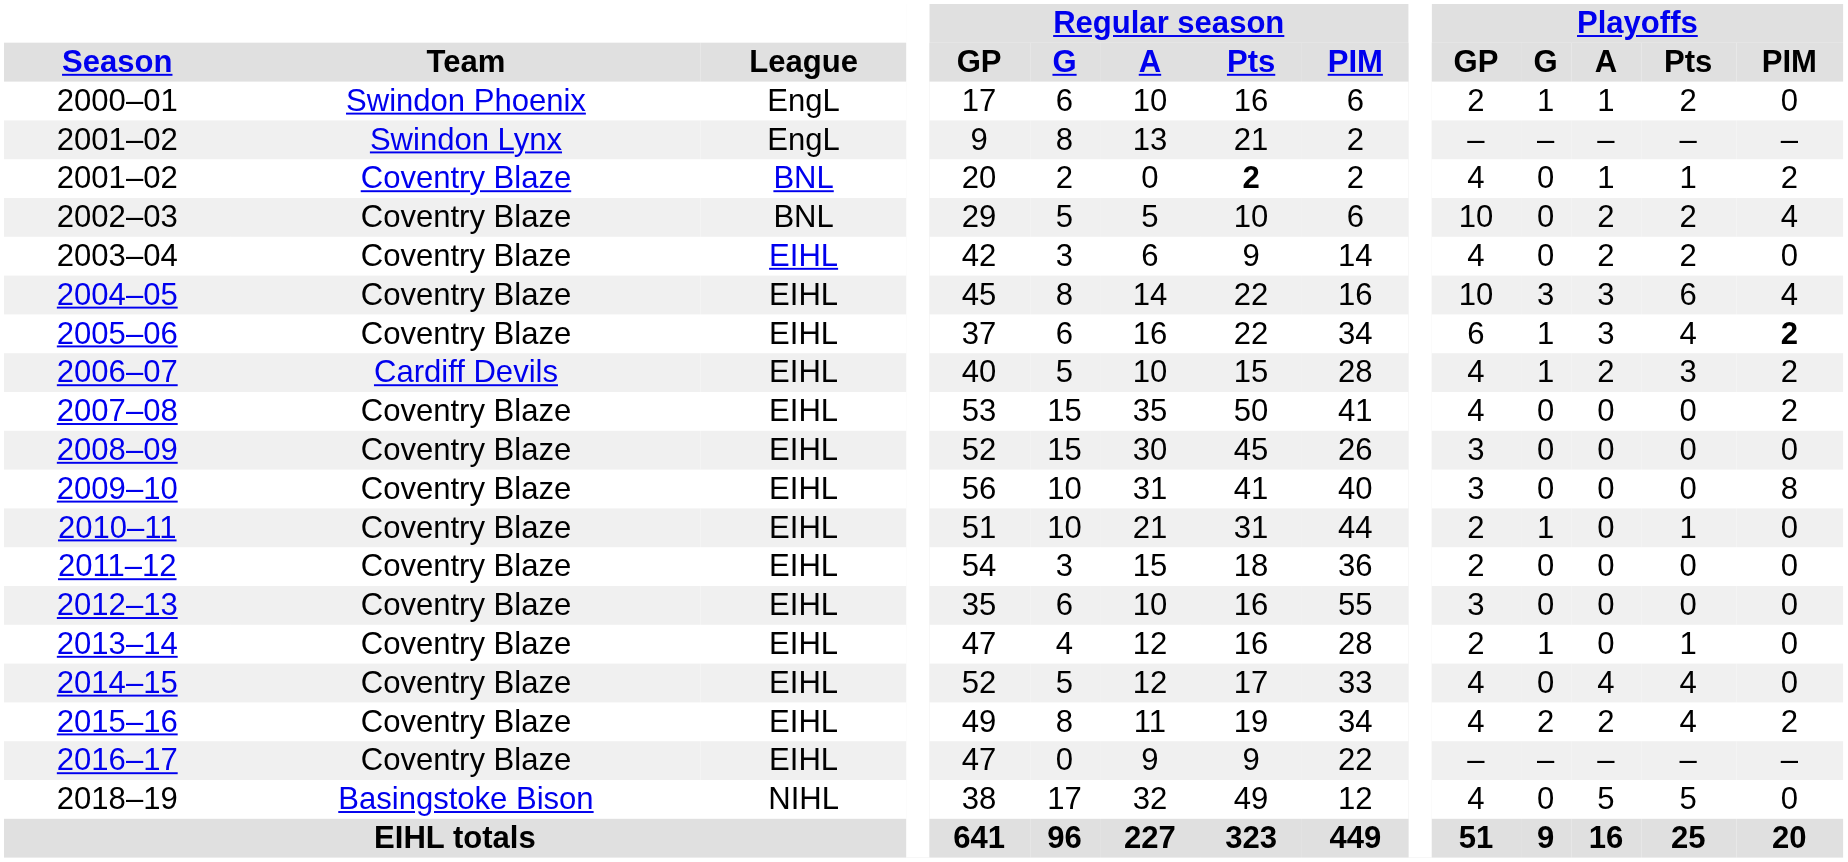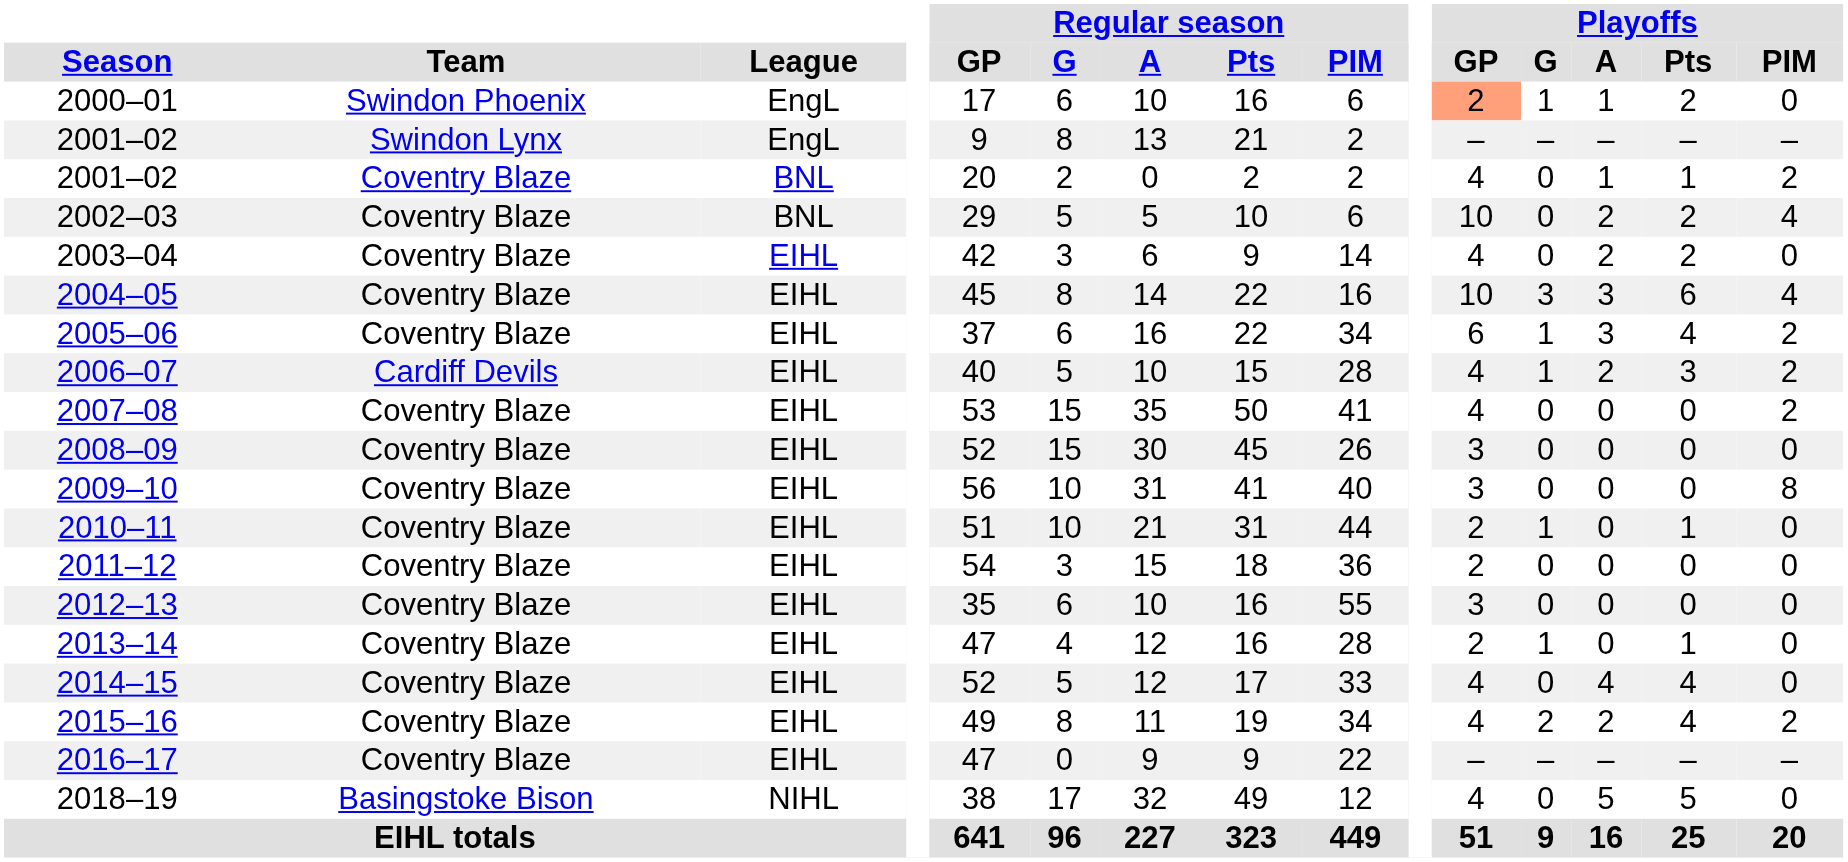 <table BORDER="0" CELLPADDING="1" CELLSPACING="0" width="75%" style="text-align:center">
 <tr bgcolor="#e0e0e0">
 <th colspan="3" bgcolor="#ffffff"> </th>
 <th rowspan="99" bgcolor="#ffffff"> </th>
 <th colspan="5"><a href='#'>Regular season</a></th>
 <th rowspan="99" bgcolor="#ffffff"> </th>
 <th colspan="5"><a href='#'>Playoffs</a></th>
 </tr>
 <tr bgcolor="#e0e0e0">
 <th ALIGN="center"><a href='#'>Season</a></th>
 <th ALIGN="center">Team</th>
 <th ALIGN="center">League</th>
 <th ALIGN="center">GP</th>
 <th ALIGN="center"><a href='#'>G</a></th>
 <th ALIGN="center"><a href='#'>A</a></th>
 <th ALIGN="center"><a href='#'>Pts</a></th>
 <th ALIGN="center"><a href='#'>PIM</a></th>
 <th ALIGN="center">GP</th>
 <th ALIGN="center">G</th>
 <th ALIGN="center">A</th>
 <th ALIGN="center">Pts</th>
 <th ALIGN="center">PIM</th>
 </tr>
 <tr ALIGN="center">
 <td>2000–01</td>
 <td><a href='#'>Swindon Phoenix</a></td>
 <td>EngL</td>
 <td>17</td>
 <td>6</td>
 <td>10</td>
 <td>16</td>
 <td>6</td>
-<td>2</td>
+<td style="background: lightsalmon;">2</td>
 <td>1</td>
 <td>1</td>
 <td>2</td>
 <td>0</td>
 </tr>
 <tr ALIGN="center" bgcolor="#f0f0f0">
 <td>2001–02</td>
 <td><a href='#'>Swindon Lynx</a></td>
 <td>EngL</td>
 <td>9</td>
 <td>8</td>
 <td>13</td>
 <td>21</td>
 <td>2</td>
 <td>–</td>
 <td>–</td>
 <td>–</td>
 <td>–</td>
 <td>–</td>
 </tr>
 <tr ALIGN="center">
 <td>2001–02</td>
 <td><a href='#'>Coventry Blaze</a></td>
 <td><a href='#'>BNL</a></td>
 <td>20</td>
 <td>2</td>
 <td>0</td>
-<td><strong>2</strong></td>
+<td>2</td>
 <td>2</td>
 <td>4</td>
 <td>0</td>
 <td>1</td>
 <td>1</td>
 <td>2</td>
 </tr>
 <tr ALIGN="center" bgcolor="#f0f0f0">
 <td>2002–03</td>
 <td>Coventry Blaze</td>
 <td>BNL</td>
 <td>29</td>
 <td>5</td>
 <td>5</td>
 <td>10</td>
 <td>6</td>
 <td>10</td>
 <td>0</td>
 <td>2</td>
 <td>2</td>
 <td>4</td>
 </tr>
 <tr ALIGN="center">
 <td>2003–04</td>
 <td>Coventry Blaze</td>
 <td><a href='#'>EIHL</a></td>
 <td>42</td>
 <td>3</td>
 <td>6</td>
 <td>9</td>
 <td>14</td>
 <td>4</td>
 <td>0</td>
 <td>2</td>
 <td>2</td>
 <td>0</td>
 </tr>
 <tr ALIGN="center" bgcolor="#f0f0f0">
 <td><a href='#'>2004–05</a></td>
 <td>Coventry Blaze</td>
 <td>EIHL</td>
 <td>45</td>
 <td>8</td>
 <td>14</td>
 <td>22</td>
 <td>16</td>
 <td>10</td>
 <td>3</td>
 <td>3</td>
 <td>6</td>
 <td>4</td>
 </tr>
 <tr ALIGN="center">
 <td><a href='#'>2005–06</a></td>
 <td>Coventry Blaze</td>
 <td>EIHL</td>
 <td>37</td>
 <td>6</td>
 <td>16</td>
 <td>22</td>
 <td>34</td>
 <td>6</td>
 <td>1</td>
 <td>3</td>
 <td>4</td>
-<td><strong>2</strong></td>
+<td>2</td>
 </tr>
 <tr ALIGN="center" bgcolor="#f0f0f0">
 <td><a href='#'>2006–07</a></td>
 <td><a href='#'>Cardiff Devils</a></td>
 <td>EIHL</td>
 <td>40</td>
 <td>5</td>
 <td>10</td>
 <td>15</td>
 <td>28</td>
 <td>4</td>
 <td>1</td>
 <td>2</td>
 <td>3</td>
 <td>2</td>
 </tr>
 <tr ALIGN="center">
 <td><a href='#'>2007–08</a></td>
 <td>Coventry Blaze</td>
 <td>EIHL</td>
 <td>53</td>
 <td>15</td>
 <td>35</td>
 <td>50</td>
 <td>41</td>
 <td>4</td>
 <td>0</td>
 <td>0</td>
 <td>0</td>
 <td>2</td>
 </tr>
 <tr ALIGN="center" bgcolor="#f0f0f0">
 <td><a href='#'>2008–09</a></td>
 <td>Coventry Blaze</td>
 <td>EIHL</td>
 <td>52</td>
 <td>15</td>
 <td>30</td>
 <td>45</td>
 <td>26</td>
 <td>3</td>
 <td>0</td>
 <td>0</td>
 <td>0</td>
 <td>0</td>
 </tr>
 <tr ALIGN="center">
 <td><a href='#'>2009–10</a></td>
 <td>Coventry Blaze</td>
 <td>EIHL</td>
 <td>56</td>
 <td>10</td>
 <td>31</td>
 <td>41</td>
 <td>40</td>
 <td>3</td>
 <td>0</td>
 <td>0</td>
 <td>0</td>
 <td>8</td>
 </tr>
 <tr ALIGN="center" bgcolor="#f0f0f0">
 <td><a href='#'>2010–11</a></td>
 <td>Coventry Blaze</td>
 <td>EIHL</td>
 <td>51</td>
 <td>10</td>
 <td>21</td>
 <td>31</td>
 <td>44</td>
 <td>2</td>
 <td>1</td>
 <td>0</td>
 <td>1</td>
 <td>0</td>
 </tr>
 <tr ALIGN="center">
 <td><a href='#'>2011–12</a></td>
 <td>Coventry Blaze</td>
 <td>EIHL</td>
 <td>54</td>
 <td>3</td>
 <td>15</td>
 <td>18</td>
 <td>36</td>
 <td>2</td>
 <td>0</td>
 <td>0</td>
 <td>0</td>
 <td>0</td>
 </tr>
 <tr ALIGN="center" bgcolor="#f0f0f0">
 <td><a href='#'>2012–13</a></td>
 <td>Coventry Blaze</td>
 <td>EIHL</td>
 <td>35</td>
 <td>6</td>
 <td>10</td>
 <td>16</td>
 <td>55</td>
 <td>3</td>
 <td>0</td>
 <td>0</td>
 <td>0</td>
 <td>0</td>
 </tr>
 <tr ALIGN="center">
 <td><a href='#'>2013–14</a></td>
 <td>Coventry Blaze</td>
 <td>EIHL</td>
 <td>47</td>
 <td>4</td>
 <td>12</td>
 <td>16</td>
 <td>28</td>
 <td>2</td>
 <td>1</td>
 <td>0</td>
 <td>1</td>
 <td>0</td>
 </tr>
 <tr ALIGN="center" bgcolor="#f0f0f0">
 <td><a href='#'>2014–15</a></td>
 <td>Coventry Blaze</td>
 <td>EIHL</td>
 <td>52</td>
 <td>5</td>
 <td>12</td>
 <td>17</td>
 <td>33</td>
 <td>4</td>
 <td>0</td>
 <td>4</td>
 <td>4</td>
 <td>0</td>
 </tr>
 <tr ALIGN="center">
 <td><a href='#'>2015–16</a></td>
 <td>Coventry Blaze</td>
 <td>EIHL</td>
 <td>49</td>
 <td>8</td>
 <td>11</td>
 <td>19</td>
 <td>34</td>
 <td>4</td>
 <td>2</td>
 <td>2</td>
 <td>4</td>
 <td>2</td>
 </tr>
 <tr ALIGN="center" bgcolor="#f0f0f0">
 <td><a href='#'>2016–17</a></td>
 <td>Coventry Blaze</td>
 <td>EIHL</td>
 <td>47</td>
 <td>0</td>
 <td>9</td>
 <td>9</td>
 <td>22</td>
 <td>–</td>
 <td>–</td>
 <td>–</td>
 <td>–</td>
 <td>–</td>
 </tr>
 <tr ALIGN="center">
 <td>2018–19</td>
 <td><a href='#'>Basingstoke Bison</a></td>
 <td>NIHL</td>
 <td>38</td>
 <td>17</td>
 <td>32</td>
 <td>49</td>
 <td>12</td>
 <td>4</td>
 <td>0</td>
 <td>5</td>
 <td>5</td>
 <td>0</td>
 </tr>
 <tr style="text-align:center; background:#e0e0e0;">
 <th colspan="3">EIHL totals</th>
 <th style="text-align:center;">641</th>
 <th style="text-align:center;">96</th>
 <th style="text-align:center;">227</th>
 <th style="text-align:center;">323</th>
 <th style="text-align:center;">449</th>
 <th style="text-align:center;">51</th>
 <th style="text-align:center;">9</th>
 <th style="text-align:center;">16</th>
 <th style="text-align:center;">25</th>
 <th style="text-align:center;">20</th>
 </tr>
 </table>
